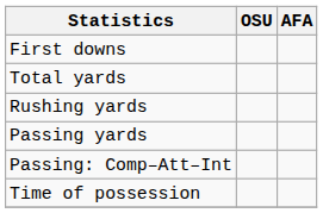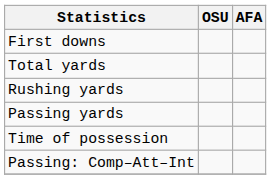 <table class="wikitable" style="float: left;">
 <tr>
 <th>Statistics</th>
 <th>OSU</th>
 <th>AFA</th>
 </tr>
 <tr>
 <td>First downs</td>
 <td></td>
 <td></td>
 </tr>
 <tr>
 <td>Total yards</td>
 <td></td>
 <td></td>
 </tr>
 <tr>
 <td>Rushing yards</td>
 <td></td>
 <td></td>
 </tr>
 <tr>
 <td>Passing yards</td>
 <td></td>
 <td></td>
 </tr>
 <tr>
-<td>Passing: Comp–Att–Int</td>
+<td>Time of possession</td>
 <td></td>
 <td></td>
 </tr>
 <tr>
-<td>Time of possession</td>
+<td>Passing: Comp–Att–Int</td>
 <td></td>
 <td></td>
 </tr>
 <tr>
 </tr>
 </table>
